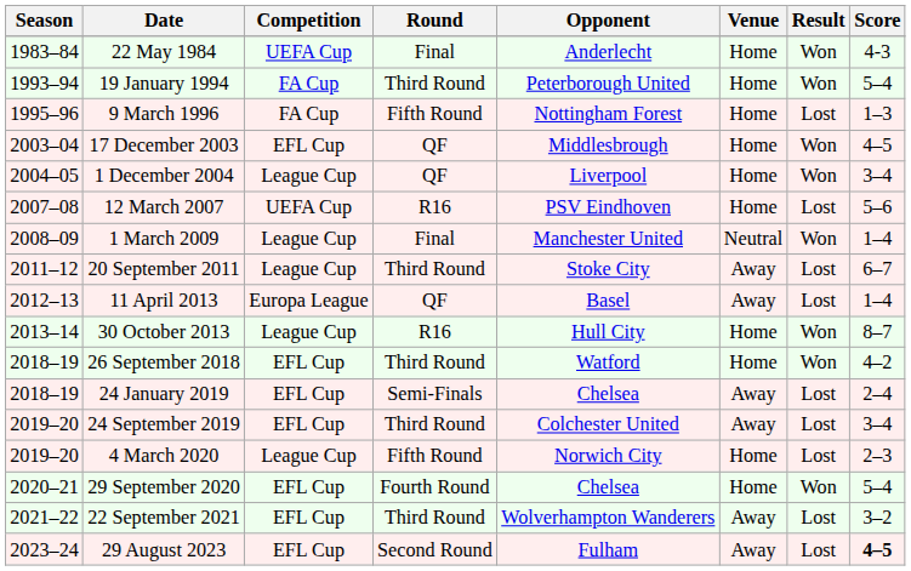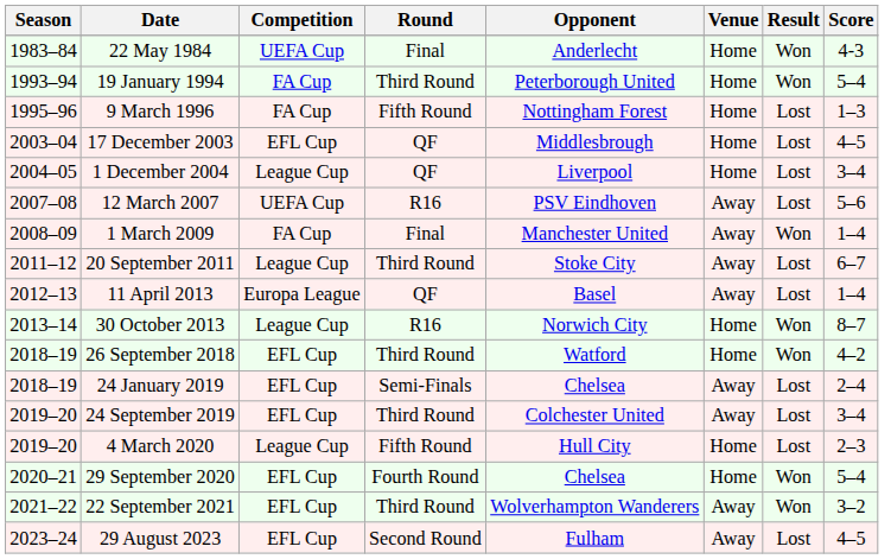 <table class="wikitable sortable" style="width=60%; align:center; text-align:center">
 <tr>
 <th>Season</th>
 <th>Date</th>
 <th>Competition</th>
 <th>Round</th>
 <th>Opponent</th>
 <th>Venue</th>
 <th>Result</th>
 <th>Score</th>
 </tr>
 <tr>
 </tr>
 <tr bgcolor = "#EEFFEE">
 <td>1983–84</td>
 <td>22 May 1984</td>
 <td><a href='#'>UEFA Cup</a></td>
 <td>Final</td>
 <td><a href='#'>Anderlecht</a></td>
 <td>Home</td>
 <td>Won</td>
 <td>4-3</td>
 </tr>
 <tr bgcolor = "#EEFFEE">
 <td>1993–94</td>
 <td>19 January 1994</td>
 <td><a href='#'>FA Cup</a></td>
 <td>Third Round</td>
 <td><a href='#'>Peterborough United</a></td>
 <td>Home</td>
 <td>Won</td>
 <td>5–4</td>
 </tr>
 <tr bgcolor = "#FFEEEE">
 <td>1995–96</td>
 <td>9 March 1996</td>
 <td>FA Cup</td>
 <td>Fifth Round</td>
 <td><a href='#'>Nottingham Forest</a></td>
 <td>Home</td>
 <td>Lost</td>
 <td>1–3</td>
 </tr>
 <tr bgcolor = "#FFEEEE">
 <td>2003–04</td>
 <td>17 December 2003</td>
 <td>EFL Cup</td>
 <td>QF</td>
 <td><a href='#'>Middlesbrough</a></td>
 <td>Home</td>
-<td>Won</td>
+<td>Lost</td>
 <td>4–5</td>
 </tr>
 <tr bgcolor = "#FFEEEE">
 <td>2004–05</td>
 <td>1 December 2004</td>
 <td>League Cup</td>
 <td>QF</td>
 <td><a href='#'>Liverpool</a></td>
 <td>Home</td>
-<td>Won</td>
+<td>Lost</td>
 <td>3–4</td>
 </tr>
 <tr bgcolor = "#FFEEEE">
 <td>2007–08</td>
 <td>12 March 2007</td>
 <td>UEFA Cup</td>
 <td>R16</td>
 <td><a href='#'>PSV Eindhoven</a></td>
-<td>Home</td>
+<td>Away</td>
 <td>Lost</td>
 <td>5–6</td>
 </tr>
 <tr bgcolor = "#FFEEEE">
 <td>2008–09</td>
 <td>1 March 2009</td>
-<td>League Cup</td>
+<td>FA Cup</td>
 <td>Final</td>
 <td><a href='#'>Manchester United</a></td>
-<td>Neutral</td>
+<td>Away</td>
 <td>Won</td>
 <td>1–4</td>
 </tr>
 <tr bgcolor = "#FFEEEE">
 <td>2011–12</td>
 <td>20 September 2011</td>
 <td>League Cup</td>
 <td>Third Round</td>
 <td><a href='#'>Stoke City</a></td>
 <td>Away</td>
 <td>Lost</td>
 <td>6–7</td>
 </tr>
 <tr bgcolor = "#FFEEEE">
 <td>2012–13</td>
 <td>11 April 2013</td>
 <td>Europa League</td>
 <td>QF</td>
 <td><a href='#'>Basel</a></td>
 <td>Away</td>
 <td>Lost</td>
 <td>1–4</td>
 </tr>
 <tr bgcolor = "#EEFFEE">
 <td>2013–14</td>
 <td>30 October 2013</td>
 <td>League Cup</td>
 <td>R16</td>
-<td><a href='#'>Hull City</a></td>
+<td><a href='#'>Norwich City</a></td>
 <td>Home</td>
 <td>Won</td>
 <td>8–7</td>
 </tr>
 <tr bgcolor = "#EEFFEE">
 <td>2018–19</td>
 <td>26 September 2018</td>
 <td>EFL Cup</td>
 <td>Third Round</td>
 <td><a href='#'>Watford</a></td>
 <td>Home</td>
 <td>Won</td>
 <td>4–2</td>
 </tr>
 <tr bgcolor = "#FFEEEE">
 <td>2018–19</td>
 <td>24 January 2019</td>
 <td>EFL Cup</td>
 <td>Semi-Finals</td>
 <td><a href='#'>Chelsea</a></td>
 <td>Away</td>
 <td>Lost</td>
 <td>2–4</td>
 </tr>
 <tr bgcolor = "#FFEEEE">
 <td>2019–20</td>
 <td>24 September 2019</td>
 <td>EFL Cup</td>
 <td>Third Round</td>
 <td><a href='#'>Colchester United</a></td>
 <td>Away</td>
 <td>Lost</td>
 <td>3–4</td>
 </tr>
 <tr bgcolor = "#FFEEEE">
 <td>2019–20</td>
 <td>4 March 2020</td>
 <td>League Cup</td>
 <td>Fifth Round</td>
-<td><a href='#'>Norwich City</a></td>
+<td><a href='#'>Hull City</a></td>
 <td>Home</td>
 <td>Lost</td>
 <td>2–3</td>
 </tr>
 <tr bgcolor = "#EEFFEE">
 <td>2020–21</td>
 <td>29 September 2020</td>
 <td>EFL Cup</td>
 <td>Fourth Round</td>
 <td><a href='#'>Chelsea</a></td>
 <td>Home</td>
 <td>Won</td>
 <td>5–4</td>
 </tr>
 <tr bgcolor = "#EEFFEE">
 <td>2021–22</td>
 <td>22 September 2021</td>
 <td>EFL Cup</td>
 <td>Third Round</td>
 <td><a href='#'>Wolverhampton Wanderers</a></td>
 <td>Away</td>
-<td>Lost</td>
+<td>Won</td>
 <td>3–2</td>
 </tr>
 <tr bgcolor = "#FFEEEE">
 <td>2023–24</td>
 <td>29 August 2023</td>
 <td>EFL Cup</td>
 <td>Second Round</td>
 <td><a href='#'>Fulham</a></td>
 <td>Away</td>
 <td>Lost</td>
-<td><strong>4–5</strong></td>
+<td>4–5</td>
 </tr>
 </table>
